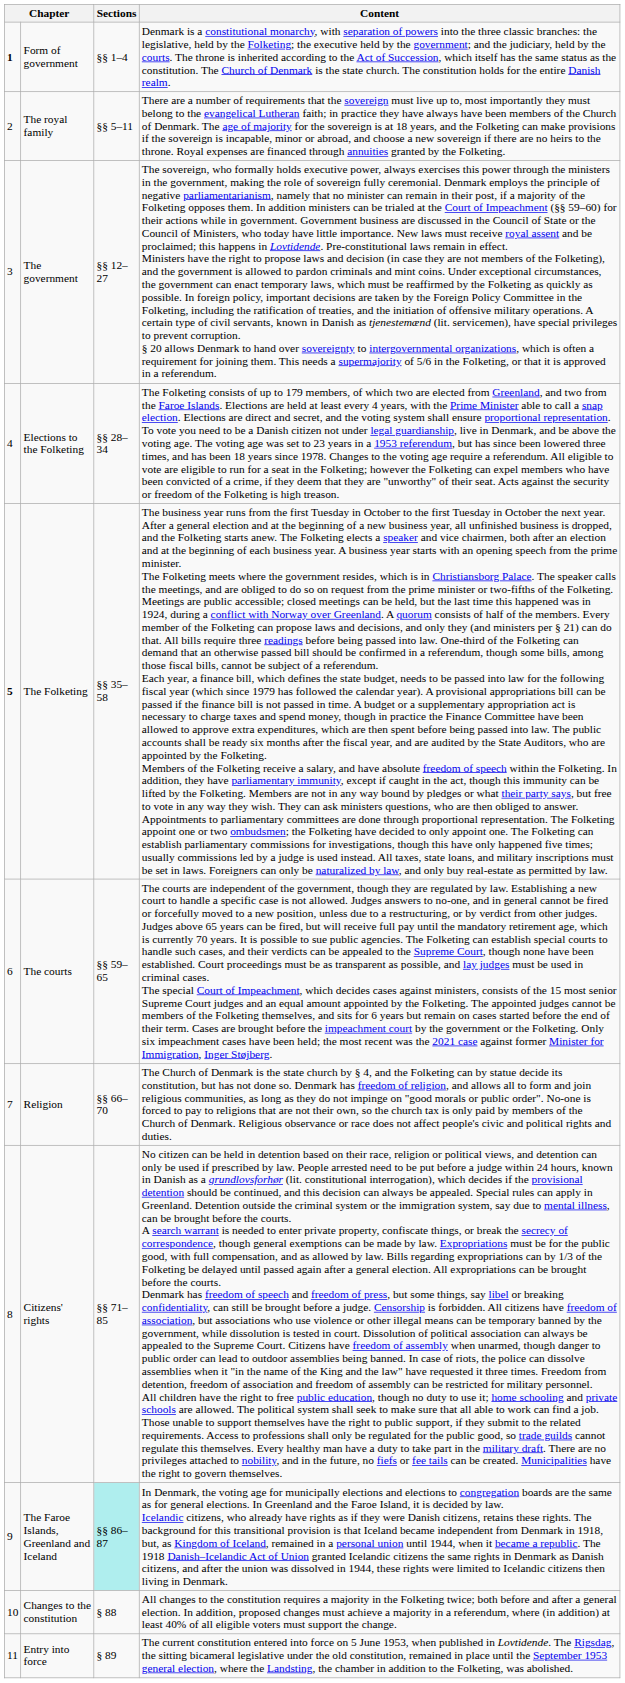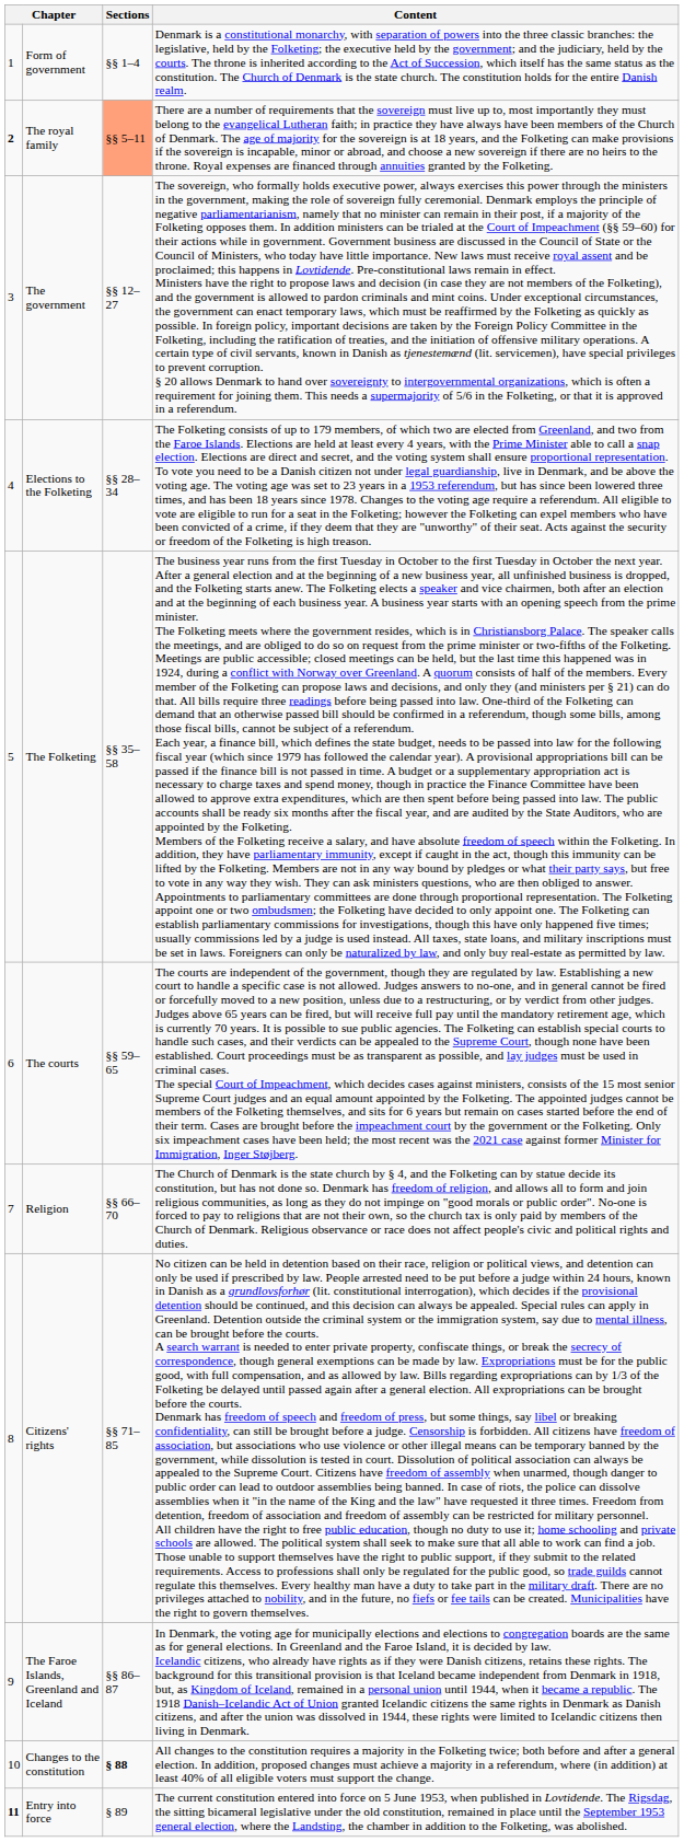 <table class="wikitable">
 <tr>
 <th colspan="2">Chapter</th>
 <th>Sections</th>
 <th>Content</th>
 </tr>
 <tr>
-<td><strong>1</strong></td>
+<td>1</td>
 <td>Form of government</td>
 <td>§§ 1–4</td>
 <td>Denmark is a <a href='#'>constitutional monarchy</a>, with <a href='#'>separation of powers</a> into the three classic branches: the legislative, held by the <a href='#'>Folketing</a>; the executive held by the <a href='#'>government</a>; and the judiciary, held by the <a href='#'>courts</a>. The throne is inherited according to the <a href='#'>Act of Succession</a>, which itself has the same status as the constitution. The <a href='#'>Church of Denmark</a> is the state church. The constitution holds for the entire <a href='#'>Danish realm</a>.</td>
 </tr>
 <tr>
-<td>2</td>
+<td><strong>2</strong></td>
 <td>The royal family</td>
-<td>§§ 5–11</td>
+<td style="background: lightsalmon;">§§ 5–11</td>
 <td>There are a number of requirements that the <a href='#'>sovereign</a> must live up to, most importantly they must belong to the <a href='#'>evangelical Lutheran</a> faith; in practice they have always have been members of the Church of Denmark. The <a href='#'>age of majority</a> for the sovereign is at 18 years, and the Folketing can make provisions if the sovereign is incapable, minor or abroad, and choose a new sovereign if there are no heirs to the throne. Royal expenses are financed through <a href='#'>annuities</a> granted by the Folketing.</td>
 </tr>
 <tr>
 <td>3</td>
 <td>The government</td>
 <td>§§ 12–27</td>
 <td>The sovereign, who formally holds executive power, always exercises this power through the ministers in the government, making the role of sovereign fully ceremonial. Denmark employs the principle of negative <a href='#'>parliamentarianism</a>, namely that no minister can remain in their post, if a majority of the Folketing opposes them. In addition ministers can be trialed at the <a href='#'>Court of Impeachment</a> (§§ 59–60) for their actions while in government. Government business are discussed in the Council of State or the Council of Ministers, who today have little importance. New laws must receive <a href='#'>royal assent</a> and be proclaimed; this happens in <em><a href='#'>Lovtidende</a></em>. Pre-constitutional laws remain in effect.<br>Ministers have the right to propose laws and decision (in case they are not members of the Folketing), and the government is allowed to pardon criminals and mint coins. Under exceptional circumstances, the government can enact temporary laws, which must be reaffirmed by the Folketing as quickly as possible. In foreign policy, important decisions are taken by the Foreign Policy Committee in the Folketing, including the ratification of treaties, and the initiation of offensive military operations. A certain type of civil servants, known in Danish as <em>tjenestemænd</em> (lit. servicemen), have special privileges to prevent corruption.<br>§ 20 allows Denmark to hand over <a href='#'>sovereignty</a> to <a href='#'>intergovernmental organizations</a>, which is often a requirement for joining them. This needs a <a href='#'>supermajority</a> of 5/6 in the Folketing, or that it is approved in a referendum.</td>
 </tr>
 <tr>
 <td>4</td>
 <td>Elections to the Folketing</td>
 <td>§§ 28–34</td>
 <td>The Folketing consists of up to 179 members, of which two are elected from <a href='#'>Greenland</a>, and two from the <a href='#'>Faroe Islands</a>. Elections are held at least every 4 years, with the <a href='#'>Prime Minister</a> able to call a <a href='#'>snap election</a>. Elections are direct and secret, and the voting system shall ensure <a href='#'>proportional representation</a>. To vote you need to be a Danish citizen not under <a href='#'>legal guardianship</a>, live in Denmark, and be above the voting age. The voting age was set to 23 years in a <a href='#'>1953 referendum</a>, but has since been lowered three times, and has been 18 years since 1978. Changes to the voting age require a referendum. All eligible to vote are eligible to run for a seat in the Folketing; however the Folketing can expel members who have been convicted of a crime, if they deem that they are "unworthy" of their seat. Acts against the security or freedom of the Folketing is high treason.</td>
 </tr>
 <tr>
-<td><strong>5</strong></td>
+<td>5</td>
 <td>The Folketing</td>
 <td>§§ 35–58</td>
 <td>The business year runs from the first Tuesday in October to the first Tuesday in October the next year. After a general election and at the beginning of a new business year, all unfinished business is dropped, and the Folketing starts anew. The Folketing elects a <a href='#'>speaker</a> and vice chairmen, both after an election and at the beginning of each business year. A business year starts with an opening speech from the prime minister.<br>The Folketing meets where the government resides, which is in <a href='#'>Christiansborg Palace</a>. The speaker calls the meetings, and are obliged to do so on request from the prime minister or two-fifths of the Folketing. Meetings are public accessible; closed meetings can be held, but the last time this happened was in 1924, during a <a href='#'>conflict with Norway over Greenland</a>. A <a href='#'>quorum</a> consists of half of the members. Every member of the Folketing can propose laws and decisions, and only they (and ministers per § 21) can do that. All bills require three <a href='#'>readings</a> before being passed into law. One-third of the Folketing can demand that an otherwise passed bill should be confirmed in a referendum, though some bills, among those fiscal bills, cannot be subject of a referendum.<br>Each year, a finance bill, which defines the state budget, needs to be passed into law for the following fiscal year (which since 1979 has followed the calendar year). A provisional appropriations bill can be passed if the finance bill is not passed in time. A budget or a supplementary appropriation act is necessary to charge taxes and spend money, though in practice the Finance Committee have been allowed to approve extra expenditures, which are then spent before being passed into law. The public accounts shall be ready six months after the fiscal year, and are audited by the State Auditors, who are appointed by the Folketing.<br>Members of the Folketing receive a salary, and have absolute <a href='#'>freedom of speech</a> within the Folketing. In addition, they have <a href='#'>parliamentary immunity</a>, except if caught in the act, though this immunity can be lifted by the Folketing. Members are not in any way bound by pledges or what <a href='#'>their party says</a>, but free to vote in any way they wish. They can ask ministers questions, who are then obliged to answer.<br>Appointments to parliamentary committees are done through proportional representation. The Folketing appoint one or two <a href='#'>ombudsmen</a>; the Folketing have decided to only appoint one. The Folketing can establish parliamentary commissions for investigations, though this have only happened five times; usually commissions led by a judge is used instead. All taxes, state loans, and military inscriptions must be set in laws. Foreigners can only be <a href='#'>naturalized by law</a>, and only buy real-estate as permitted by law.</td>
 </tr>
 <tr>
 <td>6</td>
 <td>The courts</td>
 <td>§§ 59–65</td>
 <td>The courts are independent of the government, though they are regulated by law. Establishing a new court to handle a specific case is not allowed. Judges answers to no-one, and in general cannot be fired or forcefully moved to a new position, unless due to a restructuring, or by verdict from other judges. Judges above 65 years can be fired, but will receive full pay until the mandatory retirement age, which is currently 70 years. It is possible to sue public agencies. The Folketing can establish special courts to handle such cases, and their verdicts can be appealed to the <a href='#'>Supreme Court</a>, though none have been established. Court proceedings must be as transparent as possible, and <a href='#'>lay judges</a> must be used in criminal cases.<br>The special <a href='#'>Court of Impeachment</a>, which decides cases against ministers, consists of the 15 most senior Supreme Court judges and an equal amount appointed by the Folketing. The appointed judges cannot be members of the Folketing themselves, and sits for 6 years but remain on cases started before the end of their term. Cases are brought before the <a href='#'>impeachment court</a> by the government or the Folketing. Only six impeachment cases have been held; the most recent  was the <a href='#'>2021 case</a> against former <a href='#'>Minister for Immigration</a>, <a href='#'>Inger Støjberg</a>.</td>
 </tr>
 <tr>
 <td>7</td>
 <td>Religion</td>
 <td>§§ 66–70</td>
 <td>The Church of Denmark is the state church by § 4, and the Folketing can by statue decide its constitution, but has not done so. Denmark has <a href='#'>freedom of religion</a>, and allows all to form and join religious communities, as long as they do not impinge on "good morals or public order". No-one is forced to pay to religions that are not their own, so the church tax is only paid by members of the Church of Denmark. Religious observance or race does not affect people's civic and political rights and duties.</td>
 </tr>
 <tr>
 <td>8</td>
 <td>Citizens' rights</td>
 <td>§§ 71–85</td>
 <td>No citizen can be held in detention based on their race, religion or political views, and detention can only be used if prescribed by law. People arrested need to be put before a judge within 24 hours, known in Danish as a <em><a href='#'>grundlovsforhør</a></em> (lit. constitutional interrogation), which decides if the <a href='#'>provisional detention</a> should be continued, and this decision can always be appealed. Special rules can apply in Greenland. Detention outside the criminal system or the immigration system, say due to <a href='#'>mental illness</a>, can be brought before the courts.<br>A <a href='#'>search warrant</a> is needed to enter private property, confiscate things, or break the <a href='#'>secrecy of correspondence</a>, though general exemptions can be made by law. <a href='#'>Expropriations</a> must be for the public good, with full compensation, and as allowed by law. Bills regarding expropriations can by 1/3 of the Folketing be delayed until passed again after a general election. All expropriations can be brought before the courts.<br>Denmark has <a href='#'>freedom of speech</a> and <a href='#'>freedom of press</a>, but some things, say <a href='#'>libel</a> or breaking <a href='#'>confidentiality</a>, can still be brought before a judge. <a href='#'>Censorship</a> is forbidden. All citizens have <a href='#'>freedom of association</a>, but associations who use violence or other illegal means can be temporary banned by the government, while dissolution is tested in court. Dissolution of political association can always be appealed to the Supreme Court. Citizens have <a href='#'>freedom of assembly</a> when unarmed, though danger to public order can lead to outdoor assemblies being banned. In case of riots, the police can dissolve assemblies when it "in the name of the King and the law" have requested it three times. Freedom from detention, freedom of association and freedom of assembly can be restricted for military personnel.<br>All children have the right to free <a href='#'>public education</a>, though no duty to use it; <a href='#'>home schooling</a> and <a href='#'>private schools</a> are allowed. The political system shall seek to make sure that all able to work can find a job. Those unable to support themselves have the right to public support, if they submit to the related requirements. Access to professions shall only be regulated for the public good, so <a href='#'>trade guilds</a> cannot regulate this themselves. Every healthy man have a duty to take part in the <a href='#'>military draft</a>. There are no privileges attached to <a href='#'>nobility</a>, and in the future, no <a href='#'>fiefs</a> or <a href='#'>fee tails</a> can be created. <a href='#'>Municipalities</a> have the right to govern themselves.</td>
 </tr>
 <tr>
 <td>9</td>
 <td>The Faroe Islands, Greenland and Iceland</td>
-<td style="background: paleturquoise;">§§ 86–87</td>
+<td>§§ 86–87</td>
 <td>In Denmark, the voting age for municipally elections and elections to <a href='#'>congregation</a> boards are the same as for general elections. In Greenland and the Faroe Island, it is decided by law.<br><a href='#'>Icelandic</a> citizens, who already have rights as if they were Danish citizens, retains these rights. The background for this transitional provision is that Iceland became independent from Denmark in 1918, but, as <a href='#'>Kingdom of Iceland</a>, remained in a <a href='#'>personal union</a> until 1944, when it <a href='#'>became a republic</a>. The 1918 <a href='#'>Danish–Icelandic Act of Union</a> granted Icelandic citizens the same rights in Denmark as Danish citizens, and after the union was dissolved in 1944, these rights were limited to Icelandic citizens then living in Denmark.</td>
 </tr>
 <tr>
 <td>10</td>
 <td>Changes to the constitution</td>
-<td>§ 88</td>
+<td><strong>§ 88</strong></td>
 <td>All changes to the constitution requires a majority in the Folketing twice; both before and after a general election. In addition, proposed changes must achieve a majority in a referendum, where (in addition) at least 40% of all eligible voters must support the change.</td>
 </tr>
 <tr>
-<td>11</td>
+<td><strong>11</strong></td>
 <td>Entry into force</td>
 <td>§ 89</td>
 <td>The current constitution entered into force on 5 June 1953, when published in <em>Lovtidende</em>. The <a href='#'>Rigsdag</a>, the sitting bicameral legislative under the old constitution, remained in place until the <a href='#'>September 1953 general election</a>, where the <a href='#'>Landsting</a>, the chamber in addition to the Folketing, was abolished.</td>
 </tr>
 </table>
